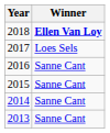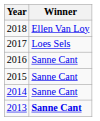 <table class="wikitable">
 <tr>
 <th>Year</th>
 <th>Winner</th>
 </tr>
 <tr>
 <td>2018</td>
-<td><strong> <a href='#'>Ellen Van Loy</a></strong></td>
+<td> <a href='#'>Ellen Van Loy</a></td>
 </tr>
 <tr>
 <td>2017</td>
 <td> <a href='#'>Loes Sels</a></td>
 </tr>
 <tr>
 <td>2016</td>
 <td> <a href='#'>Sanne Cant</a></td>
 </tr>
 <tr>
 <td>2015</td>
 <td> <a href='#'>Sanne Cant</a></td>
 </tr>
 <tr>
 <td><a href='#'>2014</a></td>
 <td> <a href='#'>Sanne Cant</a></td>
 </tr>
 <tr>
 <td><a href='#'>2013</a></td>
-<td> <a href='#'>Sanne Cant</a></td>
+<td><strong> <a href='#'>Sanne Cant</a></strong></td>
 </tr>
 </table>
